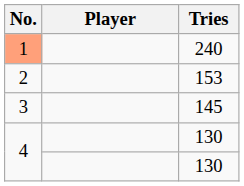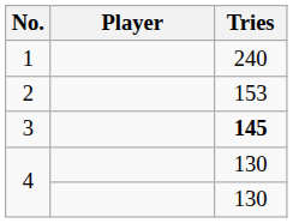 <table class="wikitable sortable" style="text-align:center">
 <tr>
 <th width=25>No.</th>
 <th width=110>Player</th>
 <th width=45>Tries</th>
 </tr>
 <tr>
-<td style="background: lightsalmon;">1</td>
+<td>1</td>
 <td><strong></strong></td>
 <td>240</td>
 </tr>
 <tr>
 <td>2</td>
 <td></td>
 <td>153</td>
 </tr>
 <tr>
 <td>3</td>
 <td></td>
-<td>145</td>
+<td><strong>145</strong></td>
 </tr>
 <tr>
 <td rowspan=2>4</td>
 <td><strong></strong></td>
 <td>130</td>
 </tr>
 <tr>
 <td></td>
 <td>130</td>
 </tr>
 </table>
